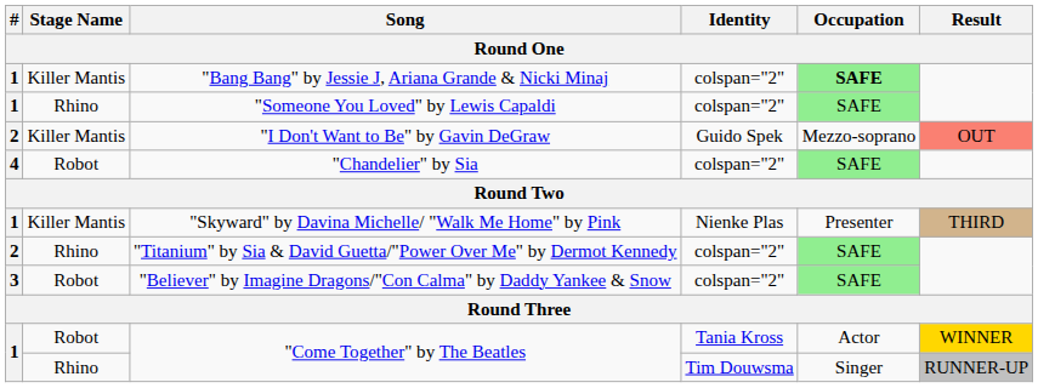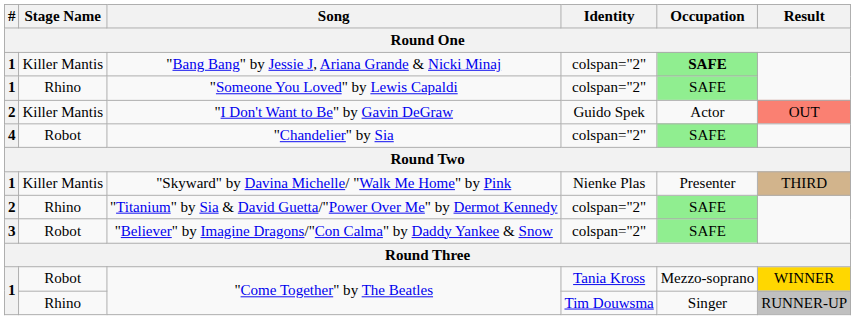 <table class="wikitable plainrowheaders" style="text-align: center;">
 <tr>
 <th>#</th>
 <th>Stage Name</th>
 <th>Song</th>
 <th>Identity</th>
 <th>Occupation</th>
 <th>Result</th>
 </tr>
 <tr>
 <th colspan="6">Round One</th>
 </tr>
 <tr>
 <th>1</th>
 <td>Killer Mantis</td>
 <td>"<a href='#'>Bang Bang</a>" by <a href='#'>Jessie J</a>, <a href='#'>Ariana Grande</a> & <a href='#'>Nicki Minaj</a></td>
 <td>colspan="2" </td>
 <td bgcolor="lightgreen"><strong>SAFE</strong></td>
 </tr>
 <tr>
 <th>1</th>
 <td>Rhino</td>
 <td>"<a href='#'>Someone You Loved</a>" by <a href='#'>Lewis Capaldi</a></td>
 <td>colspan="2" </td>
 <td bgcolor="lightgreen">SAFE</td>
 </tr>
 <tr>
 <th>2</th>
 <td>Killer Mantis</td>
 <td>"<a href='#'>I Don't Want to Be</a>" by <a href='#'>Gavin DeGraw</a></td>
 <td>Guido Spek</td>
-<td>Mezzo-soprano</td>
+<td>Actor</td>
 <td bgcolor="salmon">OUT</td>
 </tr>
 <tr>
 <th>4</th>
 <td>Robot</td>
 <td>"<a href='#'>Chandelier</a>" by <a href='#'>Sia</a></td>
 <td>colspan="2" </td>
 <td bgcolor="lightgreen">SAFE</td>
 </tr>
 <tr>
 <th colspan="6">Round Two</th>
 </tr>
 <tr>
 <th>1</th>
 <td>Killer Mantis</td>
 <td>"Skyward" by <a href='#'>Davina Michelle</a>/ "<a href='#'>Walk Me Home</a>" by <a href='#'>Pink</a></td>
 <td>Nienke Plas</td>
 <td>Presenter</td>
 <td bgcolor="tan">THIRD</td>
 </tr>
 <tr>
 <th>2</th>
 <td>Rhino</td>
 <td>"<a href='#'>Titanium</a>" by <a href='#'>Sia</a> & <a href='#'>David Guetta</a>/"<a href='#'>Power Over Me</a>" by <a href='#'>Dermot Kennedy</a></td>
 <td>colspan="2" </td>
 <td bgcolor="lightgreen">SAFE</td>
 </tr>
 <tr>
 <th>3</th>
 <td>Robot</td>
 <td>"<a href='#'>Believer</a>" by <a href='#'>Imagine Dragons</a>/"<a href='#'>Con Calma</a>" by <a href='#'>Daddy Yankee</a> & <a href='#'>Snow</a></td>
 <td>colspan="2" </td>
 <td bgcolor="lightgreen">SAFE</td>
 </tr>
 <tr>
 <th colspan="6">Round Three</th>
 </tr>
 <tr>
 <th rowspan="3">1</th>
 <td>Robot</td>
 <td rowspan="2">"<a href='#'>Come Together</a>" by <a href='#'>The Beatles</a></td>
 <td><a href='#'>Tania Kross</a></td>
-<td>Actor</td>
+<td>Mezzo-soprano</td>
 <td bgcolor="gold">WINNER</td>
 </tr>
 <tr>
 <td>Rhino</td>
 <td><a href='#'>Tim Douwsma</a></td>
 <td>Singer</td>
 <td bgcolor="silver">RUNNER-UP</td>
 </tr>
 </table>
